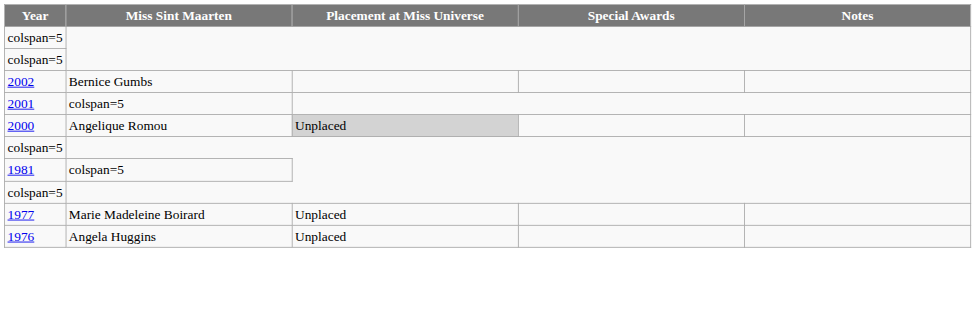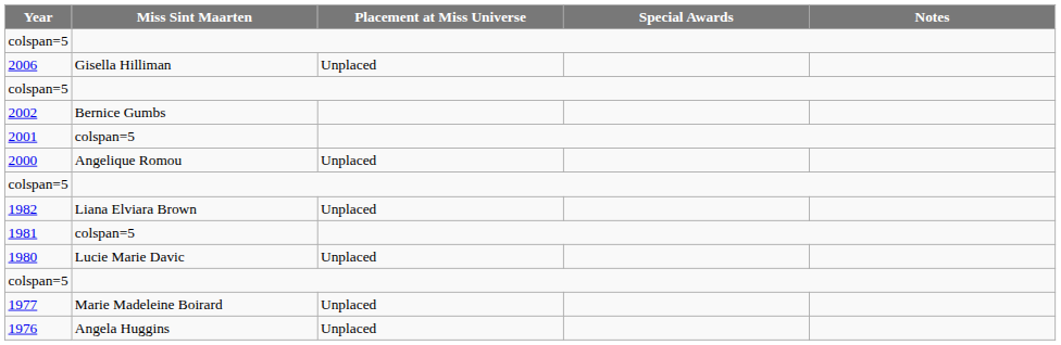 <table class="wikitable " style="font-size: 95%;">
 <tr>
 <th width="60" style="background-color:#787878;color:#FFFFFF;">Year</th>
 <th width="250" style="background-color:#787878;color:#FFFFFF;">Miss Sint Maarten</th>
 <th width="250" style="background-color:#787878;color:#FFFFFF;">Placement at Miss Universe</th>
 <th width="250" style="background-color:#787878;color:#FFFFFF;">Special Awards</th>
 <th width="250" style="background-color:#787878;color:#FFFFFF;">Notes</th>
 </tr>
 <tr>
 <td>colspan=5 </td>
+</tr>
+<tr>
+<td><a href='#'>2006</a></td>
+<td>Gisella Hilliman</td>
+<td>Unplaced</td>
+<td></td>
+<td></td>
 </tr>
 <tr>
 <td>colspan=5 </td>
 </tr>
 <tr>
 <td><a href='#'>2002</a></td>
 <td>Bernice Gumbs</td>
 <td></td>
 <td></td>
 <td></td>
 </tr>
 <tr>
 <td><a href='#'>2001</a></td>
 <td>colspan=5 </td>
 </tr>
 <tr>
 <td><a href='#'>2000</a></td>
 <td>Angelique Romou</td>
-<td style="background: lightgrey;">Unplaced</td>
+<td>Unplaced</td>
 <td></td>
 <td></td>
 </tr>
 <tr>
 <td>colspan=5 </td>
 </tr>
 <tr>
+<td><a href='#'>1982</a></td>
+<td>Liana Elviara Brown</td>
+<td>Unplaced</td>
+<td></td>
+<td></td>
+</tr>
+<tr>
 <td><a href='#'>1981</a></td>
 <td>colspan=5 </td>
+</tr>
+<tr>
+<td><a href='#'>1980</a></td>
+<td>Lucie Marie Davic</td>
+<td>Unplaced</td>
+<td></td>
+<td></td>
 </tr>
 <tr>
 <td>colspan=5 </td>
 </tr>
 <tr>
 <td><a href='#'>1977</a></td>
 <td>Marie Madeleine Boirard</td>
 <td>Unplaced</td>
 <td></td>
 <td></td>
 </tr>
 <tr>
 <td><a href='#'>1976</a></td>
 <td>Angela Huggins</td>
 <td>Unplaced</td>
 <td></td>
 <td></td>
 </tr>
 </table>
